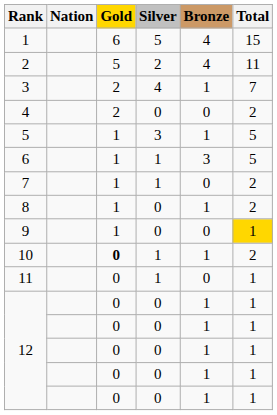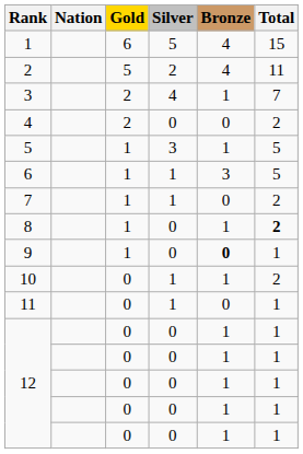 <table class="wikitable sortable" style="text-align:center">
 <tr>
 <th>Rank</th>
 <th>Nation</th>
 <th style="background-color:gold">Gold</th>
 <th style="background-color:silver">Silver</th>
 <th style="background-color:#cc9966">Bronze</th>
 <th>Total</th>
 </tr>
 <tr>
 <td>1</td>
 <td align=left></td>
 <td>6</td>
 <td>5</td>
 <td>4</td>
 <td>15</td>
 </tr>
 <tr>
 <td>2</td>
 <td align=left></td>
 <td>5</td>
 <td>2</td>
 <td>4</td>
 <td>11</td>
 </tr>
 <tr>
 <td>3</td>
 <td align=left></td>
 <td>2</td>
 <td>4</td>
 <td>1</td>
 <td>7</td>
 </tr>
 <tr>
 <td>4</td>
 <td align=left></td>
 <td>2</td>
 <td>0</td>
 <td>0</td>
 <td>2</td>
 </tr>
 <tr>
 <td>5</td>
 <td align=left></td>
 <td>1</td>
 <td>3</td>
 <td>1</td>
 <td>5</td>
 </tr>
 <tr>
 <td>6</td>
 <td align=left></td>
 <td>1</td>
 <td>1</td>
 <td>3</td>
 <td>5</td>
 </tr>
 <tr>
 <td>7</td>
 <td align=left></td>
 <td>1</td>
 <td>1</td>
 <td>0</td>
 <td>2</td>
 </tr>
 <tr>
 <td>8</td>
 <td align=left></td>
 <td>1</td>
 <td>0</td>
 <td>1</td>
-<td>2</td>
+<td><strong>2</strong></td>
 </tr>
 <tr>
 <td>9</td>
 <td align=left></td>
 <td>1</td>
 <td>0</td>
-<td>0</td>
-<td style="background: gold;">1</td>
+<td><strong>0</strong></td>
+<td>1</td>
 </tr>
 <tr>
 <td>10</td>
 <td align=left></td>
-<td><strong>0</strong></td>
+<td>0</td>
 <td>1</td>
 <td>1</td>
 <td>2</td>
 </tr>
 <tr>
 <td>11</td>
 <td align=left></td>
 <td>0</td>
 <td>1</td>
 <td>0</td>
 <td>1</td>
 </tr>
 <tr>
 <td rowspan=5>12</td>
 <td align=left></td>
 <td>0</td>
 <td>0</td>
 <td>1</td>
 <td>1</td>
 </tr>
 <tr>
 <td align=left></td>
 <td>0</td>
 <td>0</td>
 <td>1</td>
 <td>1</td>
 </tr>
 <tr>
 <td align=left></td>
 <td>0</td>
 <td>0</td>
 <td>1</td>
 <td>1</td>
 </tr>
 <tr>
 <td align=left></td>
 <td>0</td>
 <td>0</td>
 <td>1</td>
 <td>1</td>
 </tr>
 <tr>
 <td align=left></td>
 <td>0</td>
 <td>0</td>
 <td>1</td>
 <td>1</td>
 </tr>
 </table>
